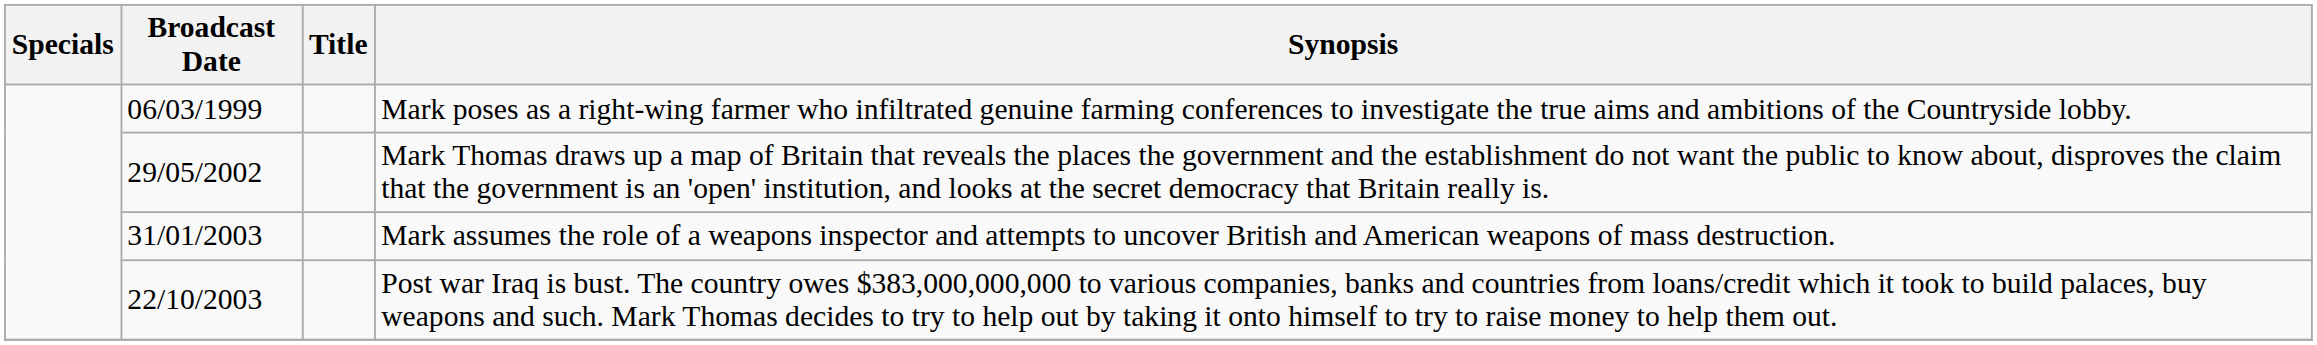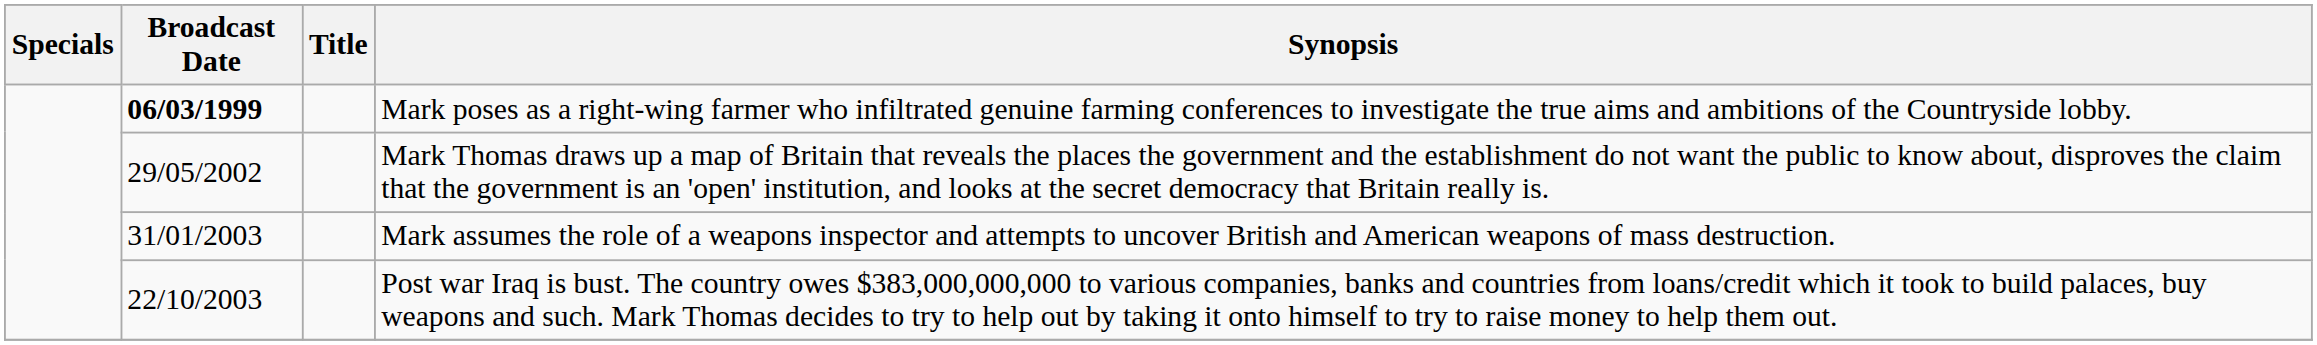 <table class="wikitable">
 <tr>
 <th>Specials</th>
 <th>Broadcast Date</th>
 <th>Title</th>
 <th>Synopsis</th>
 </tr>
 <tr>
 <td rowspan="4"></td>
-<td>06/03/1999</td>
+<td><strong>06/03/1999</strong></td>
 <td></td>
 <td>Mark poses as a right-wing farmer who infiltrated genuine farming conferences to investigate the true aims and ambitions of the Countryside lobby.</td>
 </tr>
 <tr>
 <td>29/05/2002</td>
 <td></td>
 <td>Mark Thomas draws up a map of Britain that reveals the places the government and the establishment do not want the public to know about, disproves the claim that the government is an 'open' institution, and looks at the secret democracy that Britain really is.</td>
 </tr>
 <tr>
 <td>31/01/2003</td>
 <td></td>
 <td>Mark assumes the role of a weapons inspector and attempts to uncover British and American weapons of mass destruction.</td>
 </tr>
 <tr>
 <td>22/10/2003</td>
 <td></td>
 <td>Post war Iraq is bust. The country owes $383,000,000,000 to various companies, banks and countries from loans/credit which it took to build palaces, buy weapons and such. Mark Thomas decides to try to help out by taking it onto himself to try to raise money to help them out.</td>
 </tr>
 <tr>
 </tr>
 </table>
